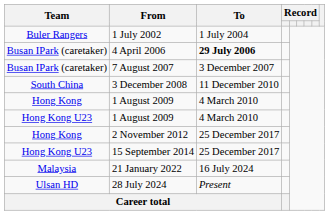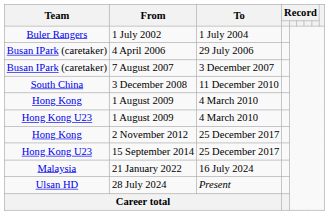 <table class="wikitable" style="text-align:center">
 <tr>
 <th rowspan="2">Team</th>
 <th rowspan="2">From</th>
 <th rowspan="2">To</th>
 <th colspan="5">Record</th>
 <th rowspan="2"></th>
 </tr>
 <tr>
 <th></th>
 <th></th>
 <th></th>
 <th></th>
 <th></th>
 </tr>
 <tr>
 <td><a href='#'>Buler Rangers</a></td>
 <td align="left">1 July 2002</td>
 <td align="left">1 July 2004<br></td>
 <td></td>
 </tr>
 <tr>
 <td><a href='#'>Busan IPark</a> (caretaker)</td>
 <td align="left">4 April 2006</td>
-<td align="left"><strong>29 July 2006<br></strong></td>
+<td align="left">29 July 2006<br></td>
 <td></td>
 </tr>
 <tr>
 <td><a href='#'>Busan IPark</a> (caretaker)</td>
 <td align="left">7 August 2007</td>
 <td align="left">3 December 2007<br></td>
 <td></td>
 </tr>
 <tr>
 <td><a href='#'>South China</a></td>
 <td align="left">3 December 2008</td>
 <td align="left">11 December 2010<br></td>
 <td></td>
 </tr>
 <tr>
 <td><a href='#'>Hong Kong</a></td>
 <td align="left">1 August 2009</td>
 <td align="left">4 March 2010<br></td>
 <td></td>
 </tr>
 <tr>
 <td><a href='#'>Hong Kong U23</a></td>
 <td align="left">1 August 2009</td>
 <td align="left">4 March 2010<br></td>
 <td></td>
 </tr>
 <tr>
 <td><a href='#'>Hong Kong</a></td>
 <td align="left">2 November 2012</td>
 <td align="left">25 December 2017<br></td>
 <td></td>
 </tr>
 <tr>
 <td><a href='#'>Hong Kong U23</a></td>
 <td align="left">15 September 2014</td>
 <td align="left">25 December 2017<br></td>
 <td></td>
 </tr>
 <tr>
 <td><a href='#'>Malaysia</a></td>
 <td align="left">21 January 2022</td>
 <td align="left">16 July 2024<br></td>
 <td></td>
 </tr>
 <tr>
 <td><a href='#'>Ulsan HD</a></td>
 <td align="left">28 July 2024</td>
 <td align="left"><em>Present</em><br></td>
 <td></td>
 </tr>
 <tr>
 <th colspan="3">Career total<br></th>
 <th></th>
 </tr>
 </table>
